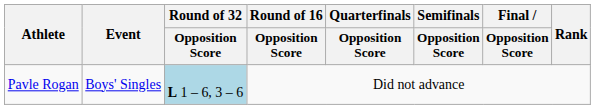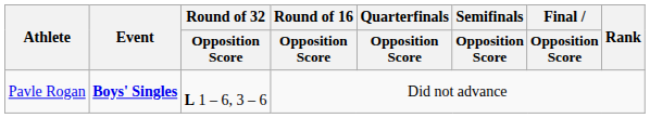 <table class=wikitable style="font-size:90%">
 <tr>
 <th rowspan="2">Athlete</th>
 <th rowspan="2">Event</th>
 <th>Round of 32</th>
 <th>Round of 16</th>
 <th>Quarterfinals</th>
 <th>Semifinals</th>
 <th>Final / </th>
 <th rowspan=2>Rank</th>
 </tr>
 <tr style="font-size:95%">
 <th>Opposition<br>Score</th>
 <th>Opposition<br>Score</th>
 <th>Opposition<br>Score</th>
 <th>Opposition<br>Score</th>
 <th>Opposition<br>Score</th>
 </tr>
 <tr align=center>
 <td align=left><a href='#'>Pavle Rogan</a></td>
-<td align=left><a href='#'>Boys' Singles</a></td>
-<td style="background: lightblue;"><br><strong>L</strong> 1 – 6, 3 – 6</td>
+<td align=left><strong><a href='#'>Boys' Singles</a></strong></td>
+<td><br><strong>L</strong> 1 – 6, 3 – 6</td>
 <td colspan=5>Did not advance</td>
 </tr>
 </table>
